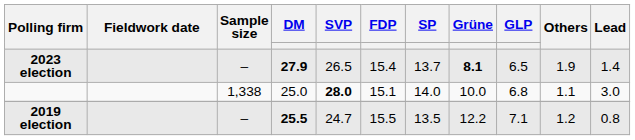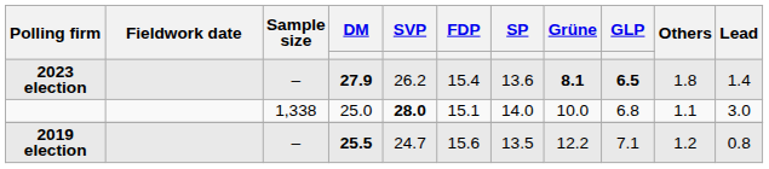 <table class="wikitable sortable" style="text-align:center;font-size:90%;line-height:14px;">
 <tr style="height:40px;">
 <th style="width:80px;" rowspan="2">Polling firm</th>
 <th style="width:130px;" rowspan="2">Fieldwork date</th>
 <th style="width:35px;" rowspan="2">Sample<br>size</th>
 <th class="unsortable" style="width:40px;"><a href='#'>DM</a></th>
 <th class="unsortable" style="width:40px;"><a href='#'>SVP</a></th>
 <th class="unsortable" style="width:40px;"><a href='#'>FDP</a></th>
 <th class="unsortable" style="width:40px;"><a href='#'>SP</a></th>
 <th class="unsortable" style="width:40px;"><a href='#'>Grüne</a></th>
 <th class="unsortable" style="width:40px;"><a href='#'>GLP</a></th>
 <th class="unsortable" style="width:30px;" rowspan="2">Others</th>
 <th style="width:30px;" rowspan="2">Lead</th>
 </tr>
 <tr>
 <th style="background:"></th>
 <th style="background:"></th>
 <th style="background:"></th>
 <th style="background:"></th>
 <th style="background:"></th>
 <th style="background:"></th>
 </tr>
 <tr style="background:#E9E9E9;">
 <td><strong>2023 election</strong></td>
 <td></td>
 <td>–</td>
 <td style="background:#"><strong>27.9</strong></td>
-<td>26.5</td>
+<td>26.2</td>
 <td>15.4</td>
-<td>13.7</td>
+<td>13.6</td>
 <td><strong>8.1</strong></td>
-<td>6.5</td>
-<td>1.9</td>
+<td><strong>6.5</strong></td>
+<td>1.8</td>
 <td style="background:">1.4</td>
 </tr>
 <tr>
 <td></td>
 <td></td>
 <td>1,338</td>
 <td>25.0</td>
 <td style="background:#"><strong>28.0</strong></td>
 <td>15.1</td>
 <td>14.0</td>
 <td>10.0</td>
 <td>6.8</td>
 <td>1.1</td>
 <td style="background:">3.0</td>
 </tr>
 <tr>
 </tr>
 <tr style="background:#E9E9E9;">
 <td><strong>2019 election</strong></td>
 <td></td>
 <td>–</td>
 <td style="background:#"><strong>25.5</strong></td>
 <td>24.7</td>
-<td>15.5</td>
+<td>15.6</td>
 <td>13.5</td>
 <td>12.2</td>
 <td>7.1</td>
 <td>1.2</td>
 <td style="background:">0.8</td>
 </tr>
 </table>
